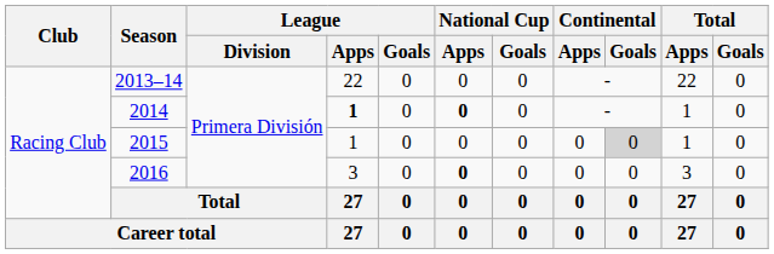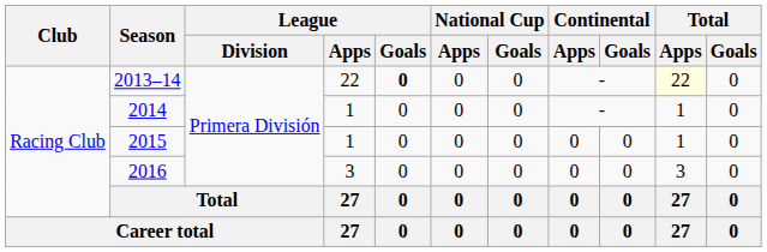 <table class="wikitable" style="text-align: center;">
 <tr>
 <th rowspan="2">Club</th>
 <th rowspan="2">Season</th>
 <th colspan="3">League</th>
 <th colspan="2">National Cup</th>
 <th colspan="2">Continental</th>
 <th colspan="2">Total</th>
 </tr>
 <tr>
 <th>Division</th>
 <th>Apps</th>
 <th>Goals</th>
 <th>Apps</th>
 <th>Goals</th>
 <th>Apps</th>
 <th>Goals</th>
 <th>Apps</th>
 <th>Goals</th>
 </tr>
 <tr>
 <td rowspan="5" valign="center"><a href='#'>Racing Club</a></td>
 <td><a href='#'>2013–14</a></td>
 <td rowspan="4" valign="center"><a href='#'>Primera División</a></td>
 <td>22</td>
-<td>0</td>
+<td><strong>0</strong></td>
 <td>0</td>
 <td>0</td>
 <td colspan="2">-</td>
-<td>22</td>
+<td style="background: lightyellow;">22</td>
 <td>0</td>
 </tr>
 <tr>
 <td><a href='#'>2014</a></td>
-<td><strong>1</strong></td>
+<td>1</td>
 <td>0</td>
-<td><strong>0</strong></td>
+<td>0</td>
 <td>0</td>
 <td colspan="2">-</td>
 <td>1</td>
 <td>0</td>
 </tr>
 <tr>
 <td><a href='#'>2015</a></td>
 <td>1</td>
 <td>0</td>
 <td>0</td>
 <td>0</td>
 <td>0</td>
-<td style="background: lightgrey;">0</td>
+<td>0</td>
 <td>1</td>
 <td>0</td>
 </tr>
 <tr>
 <td><a href='#'>2016</a></td>
 <td>3</td>
 <td>0</td>
-<td><strong>0</strong></td>
+<td>0</td>
 <td>0</td>
 <td>0</td>
 <td>0</td>
 <td>3</td>
 <td>0</td>
 </tr>
 <tr>
 <th colspan="2">Total</th>
 <th>27</th>
 <th>0</th>
 <th>0</th>
 <th>0</th>
 <th>0</th>
 <th>0</th>
 <th>27</th>
 <th>0</th>
 </tr>
 <tr>
 <th colspan="3">Career total</th>
 <th>27</th>
 <th>0</th>
 <th>0</th>
 <th>0</th>
 <th>0</th>
 <th>0</th>
 <th>27</th>
 <th>0</th>
 </tr>
 </table>
